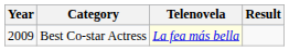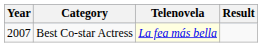 <table class="wikitable">
 <tr style="background:#b0c4de;">
 <th>Year</th>
 <th>Category</th>
 <th>Telenovela</th>
 <th>Result</th>
 </tr>
 <tr>
-<td>2009</td>
+<td>2007</td>
 <td>Best Co-star Actress</td>
 <td style="background: lightyellow;"><em><a href='#'>La fea más bella</a></em></td>
 <td></td>
 </tr>
 </table>
